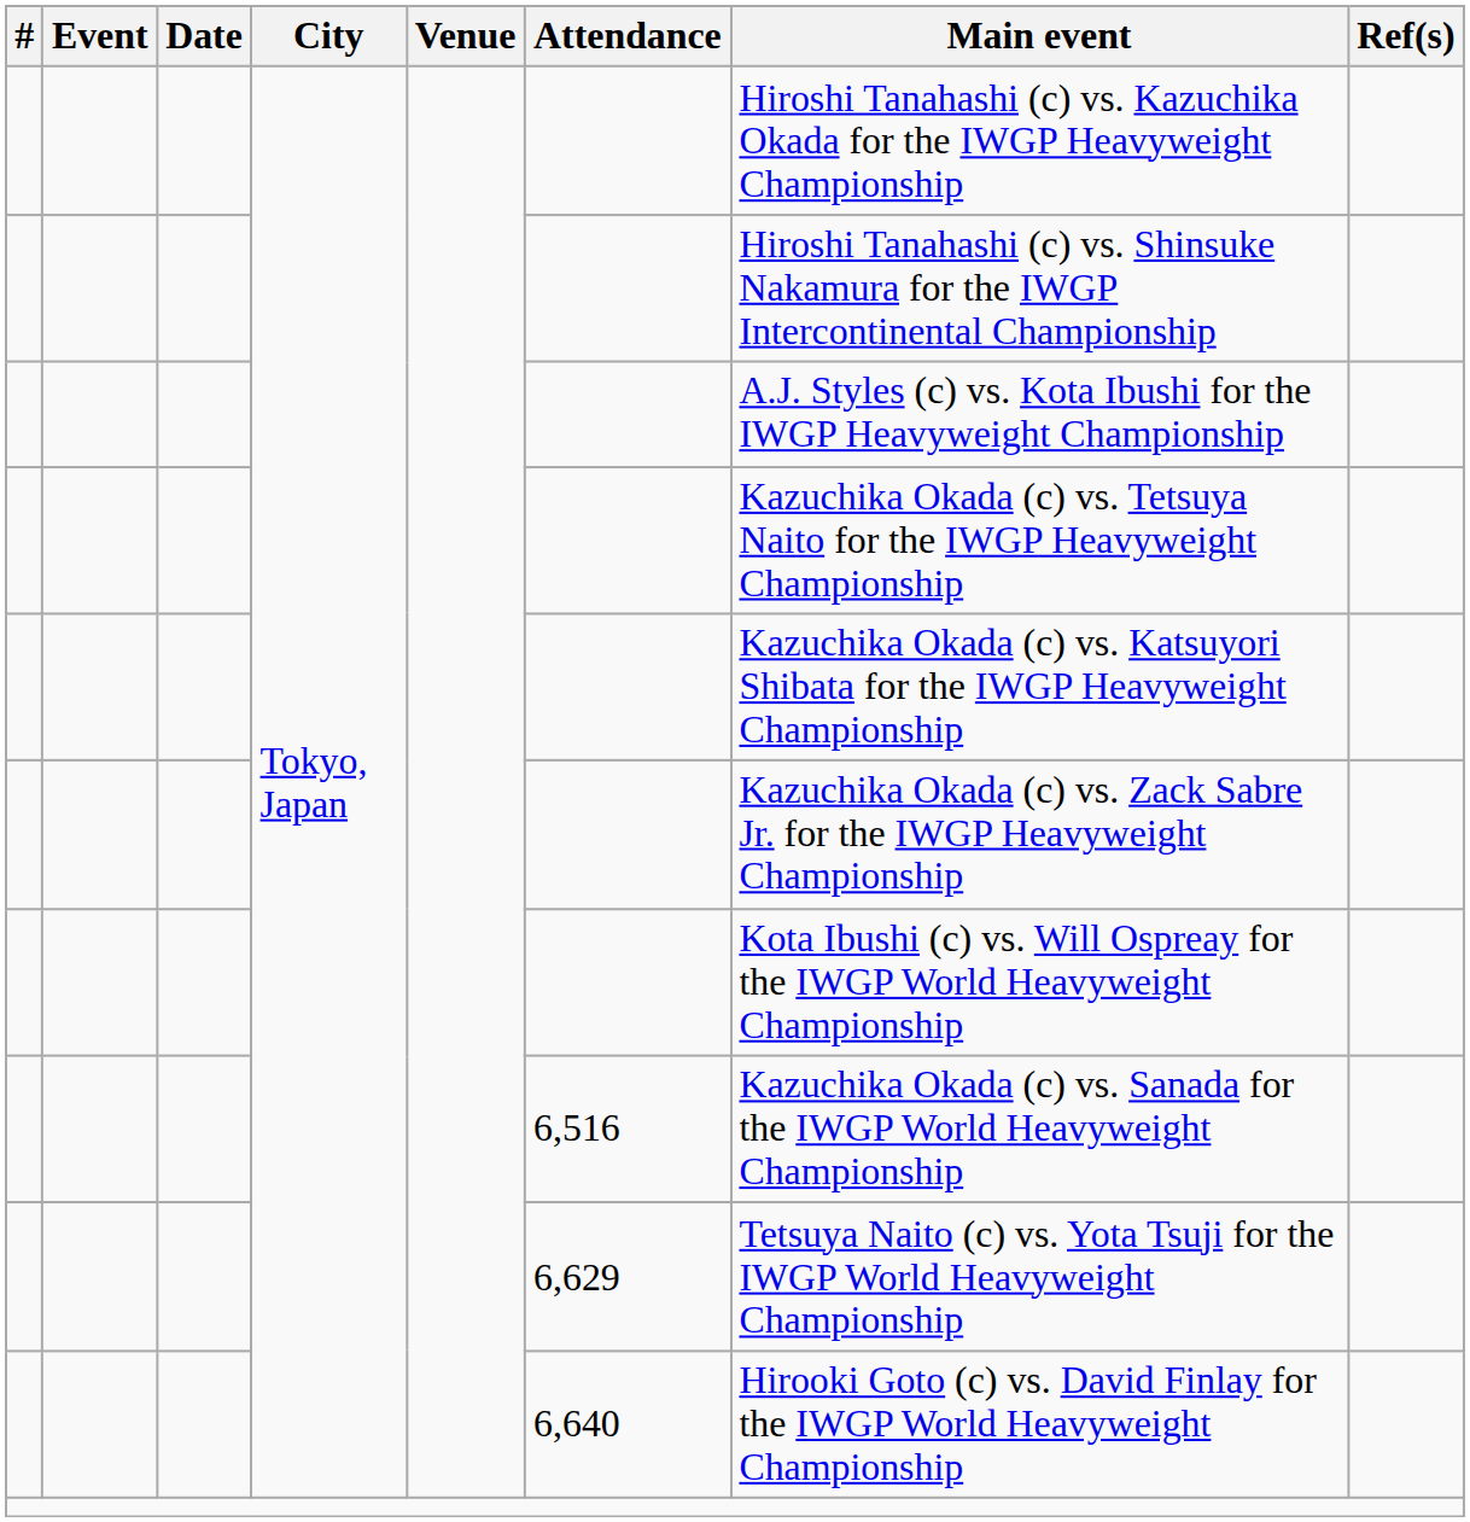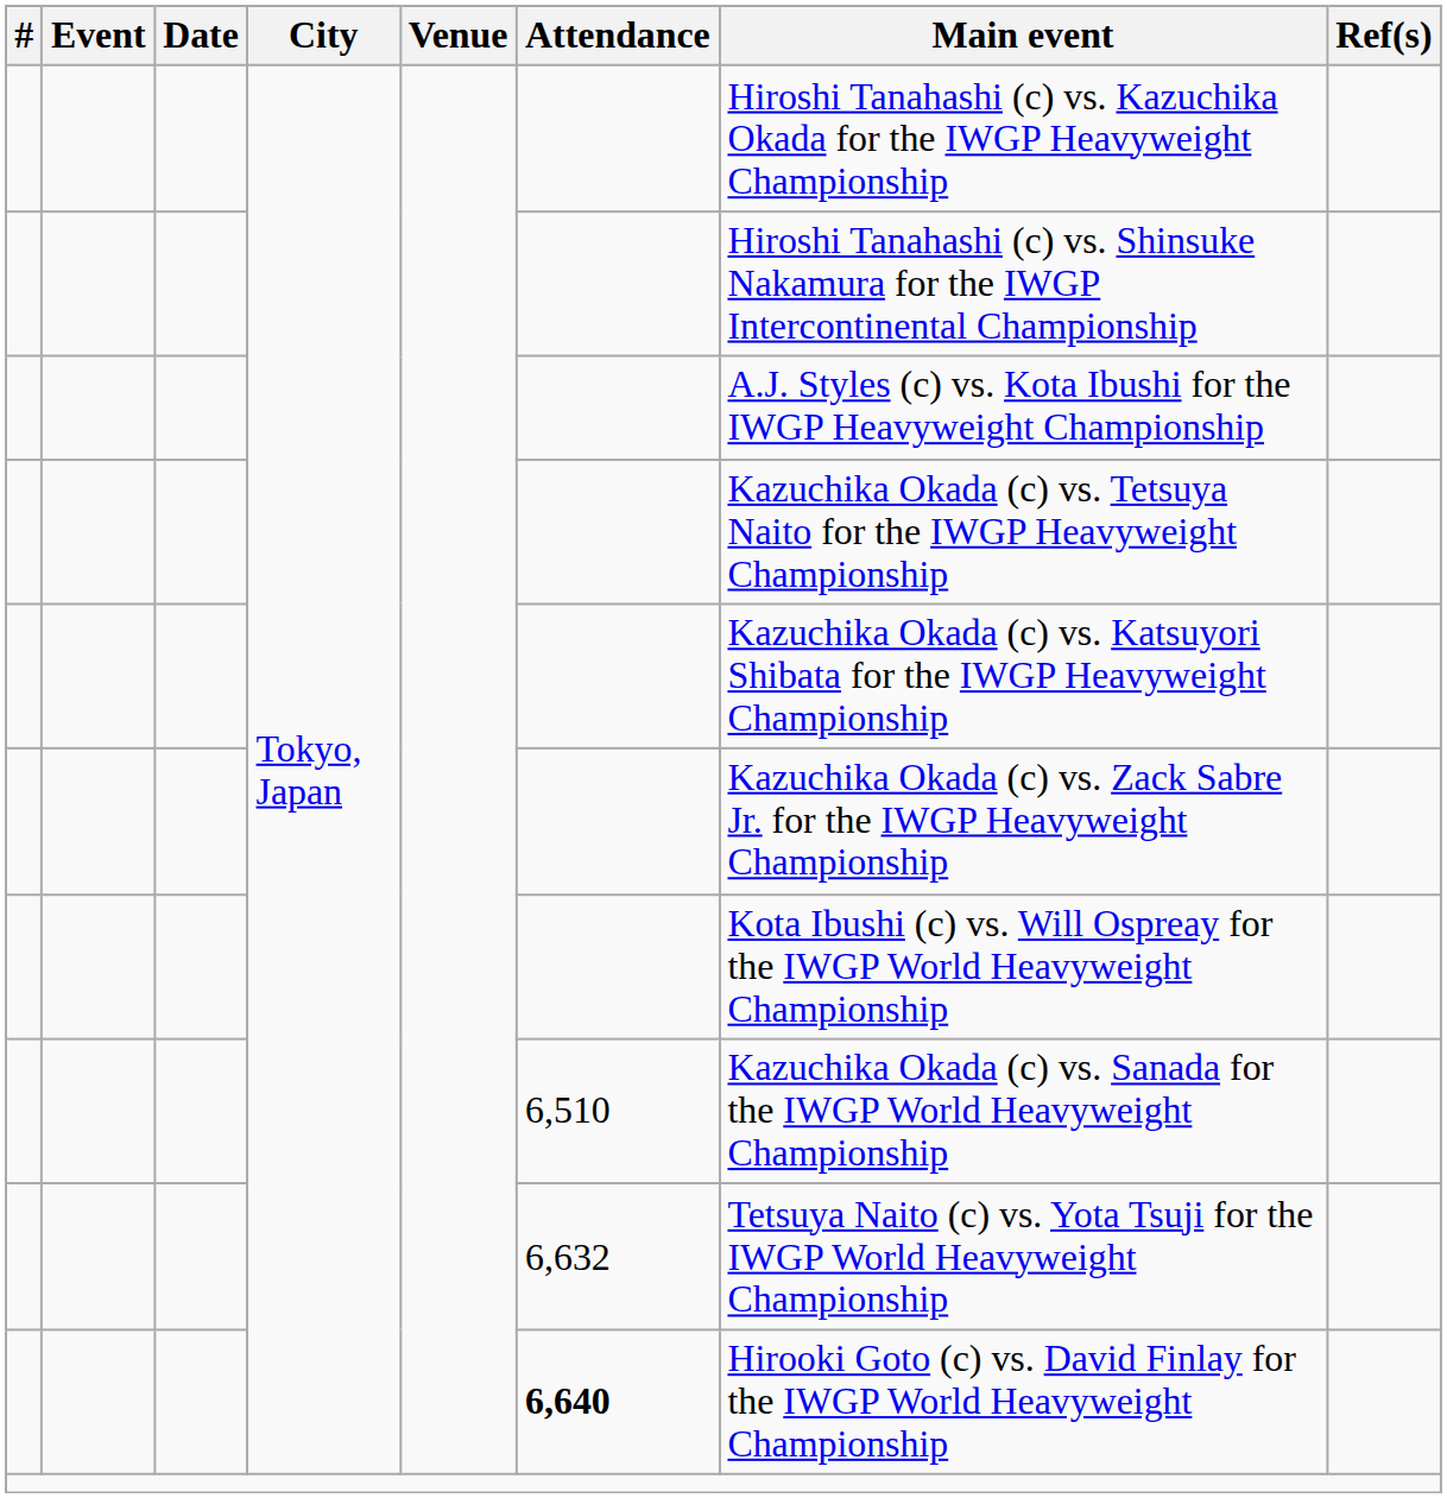 <table class="wikitable sortable" align="center">
 <tr>
 <th>#</th>
 <th>Event</th>
 <th>Date</th>
 <th>City</th>
 <th>Venue</th>
 <th>Attendance</th>
 <th>Main event</th>
 <th>Ref(s)</th>
 </tr>
 <tr>
 <td></td>
 <td></td>
 <td></td>
 <td rowspan="10"><a href='#'>Tokyo, Japan</a></td>
 <td rowspan="10"></td>
 <td></td>
 <td align="left"><a href='#'>Hiroshi Tanahashi</a> (c) vs. <a href='#'>Kazuchika Okada</a> for the <a href='#'>IWGP Heavyweight Championship</a></td>
 <td></td>
 </tr>
 <tr>
 <td></td>
 <td></td>
 <td></td>
 <td></td>
 <td align="left"><a href='#'>Hiroshi Tanahashi</a> (c) vs. <a href='#'>Shinsuke Nakamura</a> for the <a href='#'>IWGP Intercontinental Championship</a></td>
 <td></td>
 </tr>
 <tr>
 <td></td>
 <td></td>
 <td></td>
 <td></td>
 <td align="left"><a href='#'>A.J. Styles</a> (c) vs. <a href='#'>Kota Ibushi</a> for the <a href='#'>IWGP Heavyweight Championship</a></td>
 <td></td>
 </tr>
 <tr>
 <td></td>
 <td></td>
 <td></td>
 <td></td>
 <td align="left"><a href='#'>Kazuchika Okada</a> (c) vs. <a href='#'>Tetsuya Naito</a> for the <a href='#'>IWGP Heavyweight Championship</a></td>
 <td></td>
 </tr>
 <tr>
 <td></td>
 <td></td>
 <td></td>
 <td></td>
 <td align="left"><a href='#'>Kazuchika Okada</a> (c) vs. <a href='#'>Katsuyori Shibata</a> for the <a href='#'>IWGP Heavyweight Championship</a></td>
 <td></td>
 </tr>
 <tr>
 <td></td>
 <td></td>
 <td></td>
 <td></td>
 <td align="left"><a href='#'>Kazuchika Okada</a> (c) vs. <a href='#'>Zack Sabre Jr.</a> for the <a href='#'>IWGP Heavyweight Championship</a></td>
 <td></td>
 </tr>
 <tr>
 <td></td>
 <td></td>
 <td></td>
 <td></td>
 <td><a href='#'>Kota Ibushi</a> (c) vs. <a href='#'>Will Ospreay</a> for the <a href='#'>IWGP World Heavyweight Championship</a></td>
 <td></td>
 </tr>
 <tr>
 <td></td>
 <td></td>
 <td></td>
-<td>6,516</td>
+<td>6,510</td>
 <td><a href='#'>Kazuchika Okada</a> (c) vs. <a href='#'>Sanada</a> for the <a href='#'>IWGP World Heavyweight Championship</a></td>
 <td></td>
 </tr>
 <tr>
 <td></td>
 <td></td>
 <td></td>
-<td>6,629</td>
+<td>6,632</td>
 <td><a href='#'>Tetsuya Naito</a> (c) vs. <a href='#'>Yota Tsuji</a> for the <a href='#'>IWGP World Heavyweight Championship</a></td>
 <td></td>
 </tr>
 <tr>
 <td></td>
 <td></td>
 <td></td>
-<td>6,640</td>
+<td><strong>6,640</strong></td>
 <td><a href='#'>Hirooki Goto</a> (c) vs. <a href='#'>David Finlay</a> for the <a href='#'>IWGP World Heavyweight Championship</a></td>
 <td></td>
 </tr>
 <tr>
 <td colspan="8"></td>
 </tr>
 <tr>
 </tr>
 </table>
